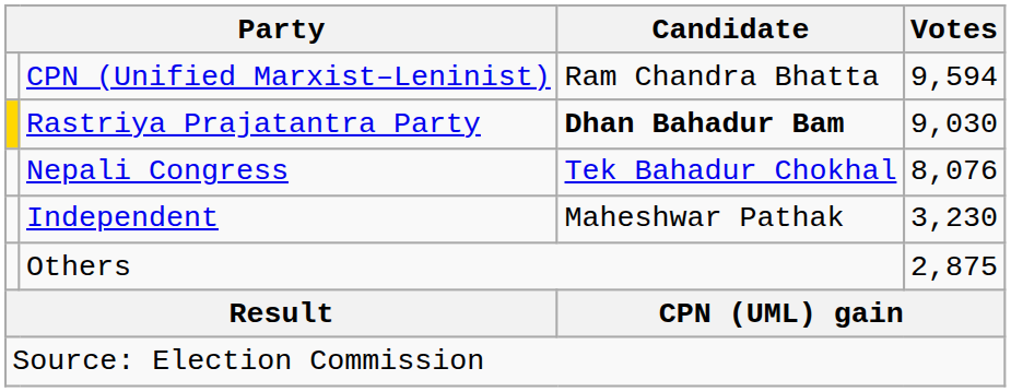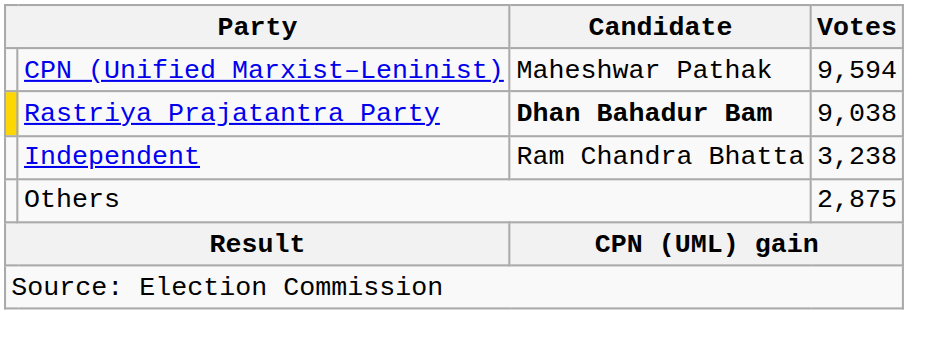 <table class="wikitable">
 <tr>
 <th colspan="2">Party</th>
 <th>Candidate</th>
 <th>Votes</th>
 </tr>
 <tr>
 <td style="background-color:"></td>
 <td><a href='#'>CPN (Unified Marxist–Leninist)</a></td>
-<td>Ram Chandra Bhatta</td>
+<td>Maheshwar Pathak</td>
 <td>9,594</td>
 </tr>
 <tr>
 <td style="background-color:gold"></td>
 <td><a href='#'>Rastriya Prajatantra Party</a></td>
 <td><strong>Dhan Bahadur Bam</strong></td>
-<td>9,030</td>
-</tr>
-<tr>
-<td style="background-color:"></td>
-<td><a href='#'>Nepali Congress</a></td>
-<td><a href='#'>Tek Bahadur Chokhal</a></td>
-<td>8,076</td>
+<td>9,038</td>
 </tr>
 <tr>
 <td style="background-color:"></td>
 <td><a href='#'>Independent</a></td>
-<td>Maheshwar Pathak</td>
-<td>3,230</td>
+<td>Ram Chandra Bhatta</td>
+<td>3,238</td>
 </tr>
 <tr>
 <td></td>
 <td colspan="2">Others</td>
 <td>2,875</td>
 </tr>
 <tr>
 <th colspan="2">Result</th>
 <th colspan="2">CPN (UML) gain</th>
 </tr>
 <tr>
 <td colspan="4">Source: Election Commission</td>
 </tr>
 </table>
